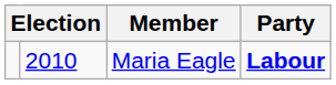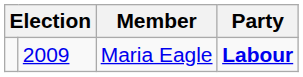 <table class="wikitable">
 <tr>
 <th colspan="2">Election</th>
 <th>Member</th>
 <th>Party</th>
 </tr>
 <tr>
 <td style="color:inherit;background-color: "></td>
-<td><a href='#'>2010</a></td>
+<td><a href='#'>2009</a></td>
 <td><a href='#'>Maria Eagle</a></td>
 <td><strong><a href='#'>Labour</a></strong></td>
 </tr>
 </table>
